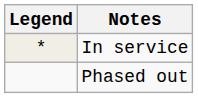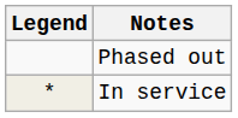 <table class="wikitable">
 <tr>
 <th>Legend</th>
 <th>Notes</th>
 </tr>
 <tr>
+<td></td>
+<td>Phased out</td>
+</tr>
+<tr>
 <td style="background:#f1efe5ff; text-align:center;">*</td>
 <td>In service</td>
 </tr>
-<tr>
-<td></td>
-<td>Phased out</td>
-</tr>
 </table>
